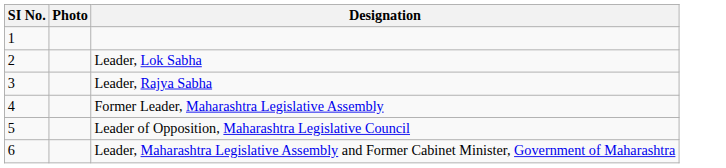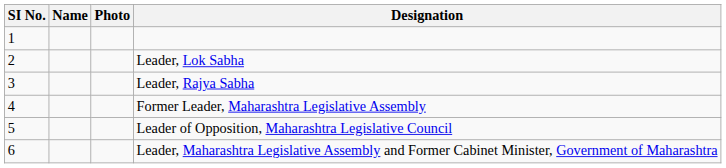 <table class="wikitable">
 <tr>
 <th style="background-color:">SI No.</th>
+<th style="background-color:">Name</th>
 <th style="background-color:">Photo</th>
 <th style="background-color:">Designation</th>
 </tr>
 <tr>
 <td>1</td>
+<td><strong></strong></td>
 <td></td>
 <td></td>
 </tr>
 <tr>
 <td>2</td>
+<td><strong></strong></td>
 <td></td>
 <td>Leader, <a href='#'>Lok Sabha</a></td>
 </tr>
 <tr>
 <td>3</td>
+<td><strong></strong></td>
 <td></td>
 <td>Leader, <a href='#'>Rajya Sabha</a></td>
 </tr>
 <tr>
 <td>4</td>
+<td><strong></strong></td>
 <td></td>
 <td>Former Leader, <a href='#'>Maharashtra Legislative Assembly</a></td>
 </tr>
 <tr>
 <td>5</td>
+<td><strong></strong></td>
 <td></td>
 <td>Leader of Opposition, <a href='#'>Maharashtra Legislative Council</a></td>
 </tr>
 <tr>
 <td>6</td>
+<td><strong></strong></td>
 <td></td>
 <td>Leader, <a href='#'>Maharashtra Legislative Assembly</a> and Former Cabinet Minister, <a href='#'>Government of Maharashtra</a></td>
 </tr>
 </table>
